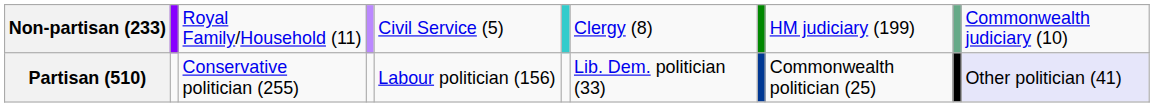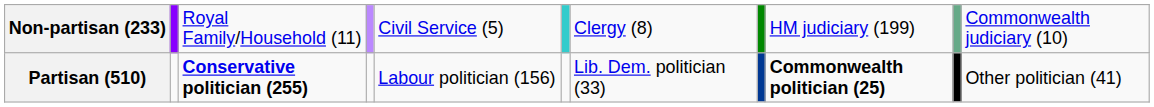 <table class="sortable wikitable">
 <tr>
 <th align="right">Non-partisan (233)</th>
 <td style="background-color:#8800FF"></td>
 <td width=160><a href='#'>Royal Family</a>/<a href='#'>Household</a> (11)</td>
 <td style="background-color:#BB88FF"></td>
 <td width=160><a href='#'>Civil Service</a> (5)</td>
 <td style="background-color:#33CCCC"></td>
 <td width=160><a href='#'>Clergy</a> (8)</td>
 <td style="background-color:#008800"></td>
 <td width=160><a href='#'>HM judiciary</a> (199)</td>
 <td style="background-color:#66AA88"></td>
 <td width=160><a href='#'>Commonwealth</a> <a href='#'>judiciary</a> (10)</td>
 </tr>
 <tr>
 <th align="right">Partisan (510)</th>
 <td style="background-color:"></td>
-<td><a href='#'>Conservative</a> politician (255)</td>
+<td><strong><a href='#'>Conservative</a> politician (255)</strong></td>
 <td style="background-color:"></td>
 <td width=160><a href='#'>Labour</a> politician (156)</td>
 <td style="background-color:"></td>
 <td><a href='#'>Lib. Dem.</a> politician (33)</td>
 <td style="background-color:#003893"></td>
-<td>Commonwealth politician (25)</td>
+<td><strong>Commonwealth politician (25)</strong></td>
 <td style="background-color:#000000"></td>
-<td style="background: lavender;">Other politician (41)</td>
+<td>Other politician (41)</td>
 </tr>
 </table>
